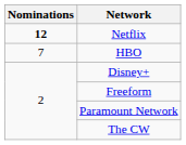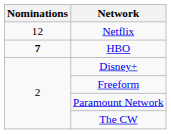 <table class="wikitable" style="text-align:center;">
 <tr>
 <th scope="col" width="55">Nominations</th>
 <th scope="col" align="center">Network</th>
 </tr>
 <tr>
-<td><strong>12</strong></td>
+<td>12</td>
 <td><a href='#'>Netflix</a></td>
 </tr>
 <tr>
-<td>7</td>
+<td><strong>7</strong></td>
 <td><a href='#'>HBO</a></td>
 </tr>
 <tr>
 <td rowspan=4 style="text-align:center">2</td>
 <td><a href='#'>Disney+</a></td>
 </tr>
 <tr>
 <td><a href='#'>Freeform</a></td>
 </tr>
 <tr>
 <td><a href='#'>Paramount Network</a></td>
 </tr>
 <tr>
 <td><a href='#'>The CW</a></td>
 </tr>
 </table>
